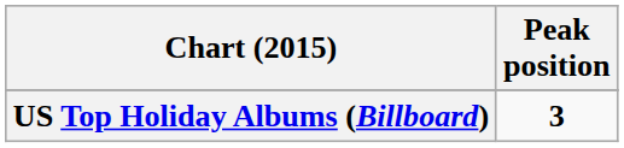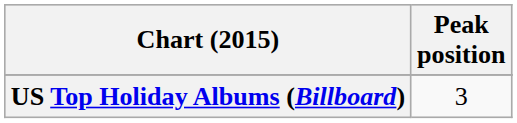 <table class="wikitable sortable plainrowheaders">
 <tr>
 <th scope="col">Chart (2015)</th>
 <th scope="col">Peak<br>position</th>
 </tr>
 <tr>
 </tr>
 <tr>
 </tr>
 <tr>
 <th scope="row">US <a href='#'>Top Holiday Albums</a> (<em><a href='#'>Billboard</a></em>)</th>
-<td align="center"><strong>3</strong></td>
+<td align="center">3</td>
 </tr>
 </table>
